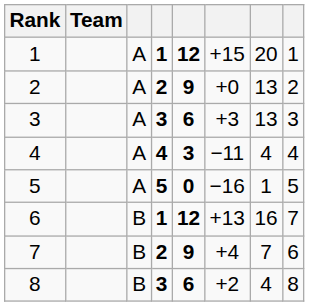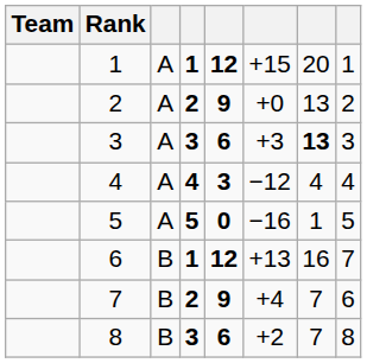 <table class="wikitable" style="text-align:center;">
 <tr>
+<th>Team</th>
 <th>Rank</th>
-<th>Team</th>
 <th></th>
 <th></th>
 <th></th>
 <th></th>
 <th></th>
 <th></th>
 </tr>
 <tr>
+<td align=left></td>
 <td>1</td>
-<td align=left></td>
 <td>A</td>
 <td><strong>1</strong></td>
 <td><strong>12</strong></td>
 <td>+15</td>
 <td>20</td>
 <td>1</td>
 </tr>
 <tr>
+<td align=left></td>
 <td>2</td>
-<td align=left></td>
 <td>A</td>
 <td><strong>2</strong></td>
 <td><strong>9</strong></td>
 <td>+0</td>
 <td>13</td>
 <td>2</td>
 </tr>
 <tr>
+<td align=left></td>
 <td>3</td>
-<td align=left></td>
 <td>A</td>
 <td><strong>3</strong></td>
 <td><strong>6</strong></td>
 <td>+3</td>
-<td>13</td>
+<td><strong>13</strong></td>
 <td>3</td>
 </tr>
 <tr>
+<td align=left></td>
 <td>4</td>
-<td align=left></td>
 <td>A</td>
 <td><strong>4</strong></td>
 <td><strong>3</strong></td>
-<td>−11</td>
+<td>−12</td>
 <td>4</td>
 <td>4</td>
 </tr>
 <tr>
+<td align=left></td>
 <td>5</td>
-<td align=left></td>
 <td>A</td>
 <td><strong>5</strong></td>
 <td><strong>0</strong></td>
 <td>−16</td>
 <td>1</td>
 <td>5</td>
 </tr>
 <tr>
+<td align=left></td>
 <td>6</td>
-<td align=left></td>
 <td>B</td>
 <td><strong>1</strong></td>
 <td><strong>12</strong></td>
 <td>+13</td>
 <td>16</td>
 <td>7</td>
 </tr>
 <tr>
+<td align=left></td>
 <td>7</td>
-<td align=left></td>
 <td>B</td>
 <td><strong>2</strong></td>
 <td><strong>9</strong></td>
 <td>+4</td>
 <td>7</td>
 <td>6</td>
 </tr>
 <tr>
+<td align=left></td>
 <td>8</td>
-<td align=left></td>
 <td>B</td>
 <td><strong>3</strong></td>
 <td><strong>6</strong></td>
 <td>+2</td>
-<td>4</td>
+<td>7</td>
 <td>8</td>
 </tr>
 </table>
